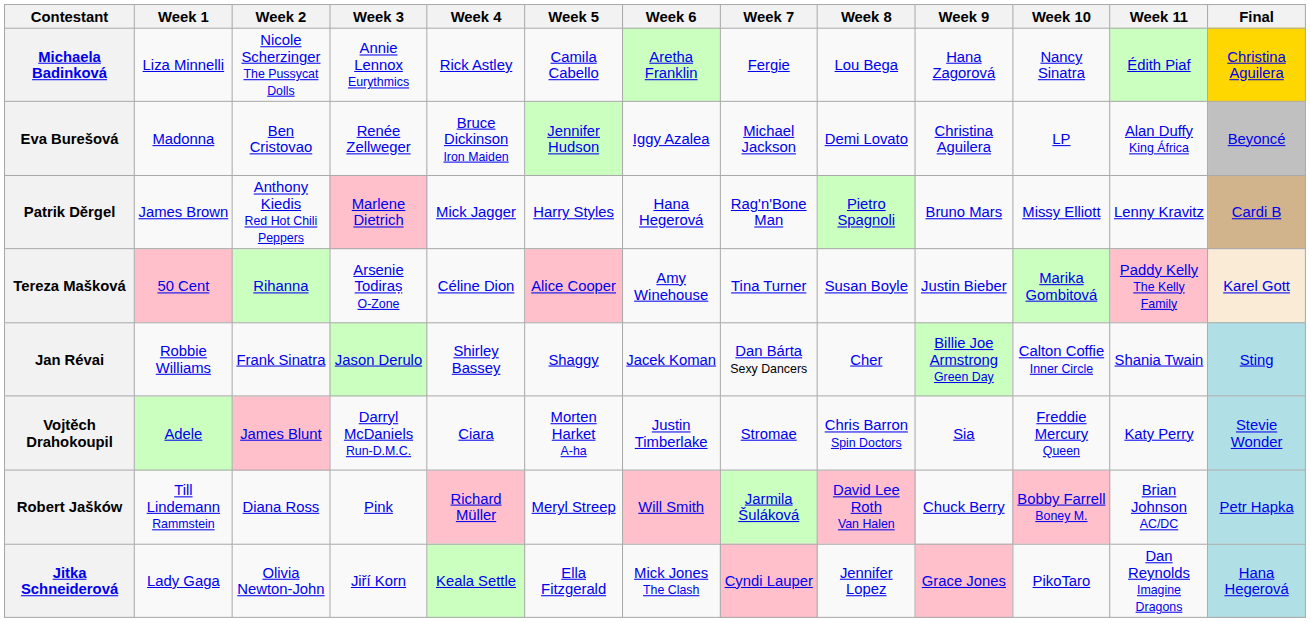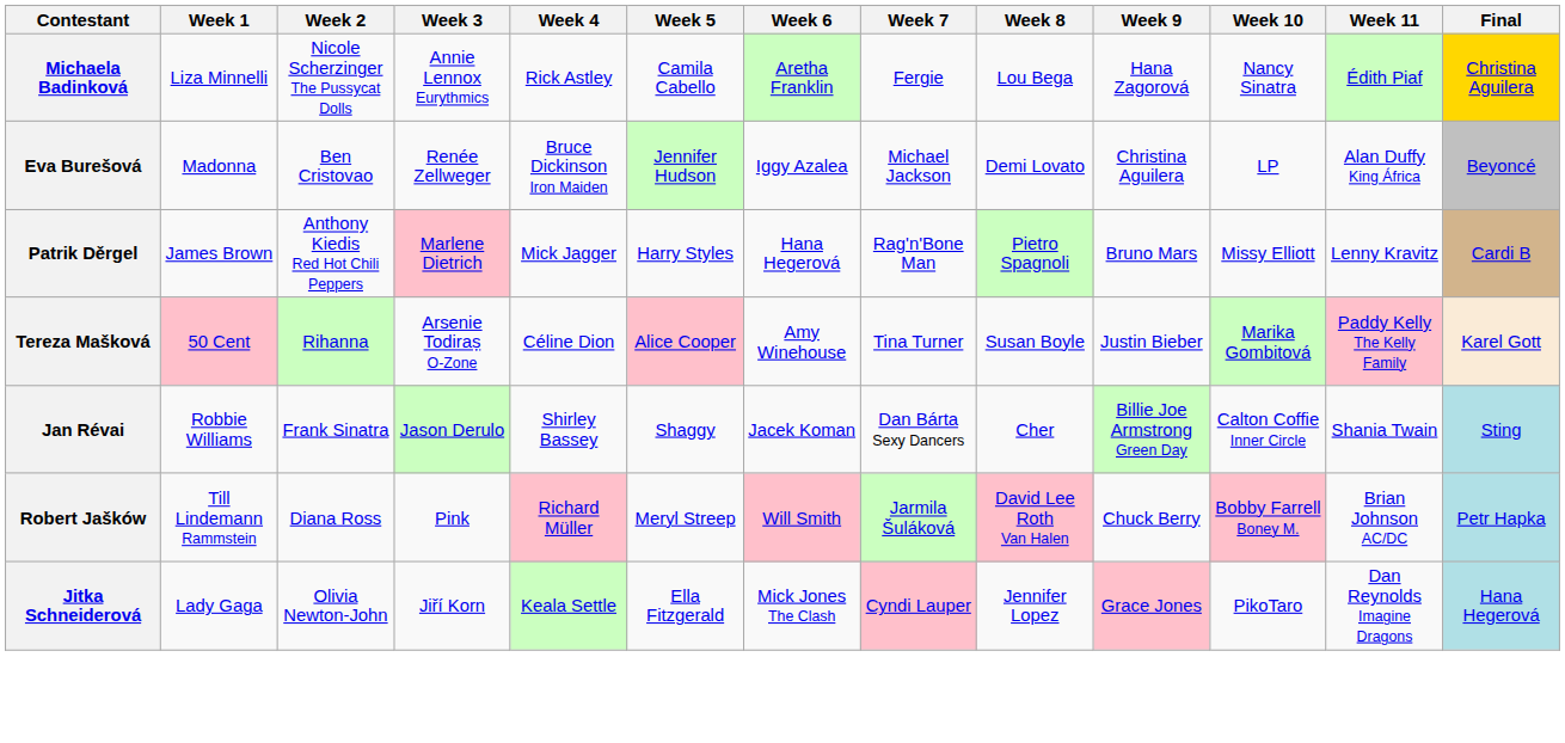 <table class="wikitable" style="font-size:90%; text-align:center; margin-left: auto; margin-right: auto">
 <tr>
 <th style="width: 10%;">Contestant</th>
 <th style="width: 7.5%;">Week 1</th>
 <th style="width: 7.5%;">Week 2</th>
 <th style="width: 7.5%;">Week 3</th>
 <th style="width: 7.5%;">Week 4</th>
 <th style="width: 7.5%;">Week 5</th>
 <th style="width: 7.5%;">Week 6</th>
 <th style="width: 7.5%;">Week 7</th>
 <th style="width: 7.5%;">Week 8</th>
 <th style="width: 7.5%;">Week 9</th>
 <th style="width: 7.5%;">Week 10</th>
 <th style="width: 7.5%;">Week 11</th>
 <th style="width: 7.5%;">Final</th>
 </tr>
 <tr>
 <th style=height:4.5em><a href='#'>Michaela Badinková</a></th>
 <td><a href='#'>Liza Minnelli</a></td>
 <td><a href='#'>Nicole Scherzinger</a> <br><small><a href='#'>The Pussycat Dolls</a></small></td>
 <td><a href='#'>Annie Lennox</a> <br><small><a href='#'>Eurythmics</a></small></td>
 <td><a href='#'>Rick Astley</a></td>
 <td><a href='#'>Camila Cabello</a></td>
 <td style="background:#cbffc0"><a href='#'>Aretha Franklin</a></td>
 <td><a href='#'>Fergie</a></td>
 <td><a href='#'>Lou Bega</a></td>
 <td><a href='#'>Hana Zagorová</a></td>
 <td><a href='#'>Nancy Sinatra</a></td>
 <td style="background:#cbffc0"><a href='#'>Édith Piaf</a></td>
 <td style="background:gold;"><a href='#'>Christina Aguilera</a></td>
 </tr>
 <tr>
 <th style=height:4.5em>Eva Burešová</th>
 <td><a href='#'>Madonna</a></td>
 <td><a href='#'>Ben Cristovao</a></td>
 <td><a href='#'>Renée Zellweger</a></td>
 <td><a href='#'>Bruce Dickinson</a><br><small><a href='#'>Iron Maiden</a></small></td>
 <td style="background:#cbffc0"><a href='#'>Jennifer Hudson</a></td>
 <td><a href='#'>Iggy Azalea</a></td>
 <td><a href='#'>Michael Jackson</a></td>
 <td><a href='#'>Demi Lovato</a></td>
 <td><a href='#'>Christina Aguilera</a></td>
 <td><a href='#'>LP</a></td>
 <td><a href='#'>Alan Duffy</a> <br><small><a href='#'>King África</a></small></td>
 <td style="background:silver"><a href='#'>Beyoncé</a></td>
 </tr>
 <tr>
 <th style=height:4.5em>Patrik Děrgel</th>
 <td><a href='#'>James Brown</a></td>
 <td><a href='#'>Anthony Kiedis</a> <br><small><a href='#'>Red Hot Chili Peppers</a></small></td>
 <td style="background:pink"><a href='#'>Marlene Dietrich</a></td>
 <td><a href='#'>Mick Jagger</a></td>
 <td><a href='#'>Harry Styles</a></td>
 <td><a href='#'>Hana Hegerová</a></td>
 <td><a href='#'>Rag'n'Bone Man</a></td>
 <td style="background:#cbffc0"><a href='#'>Pietro Spagnoli</a></td>
 <td><a href='#'>Bruno Mars</a></td>
 <td><a href='#'>Missy Elliott</a></td>
 <td><a href='#'>Lenny Kravitz</a></td>
 <td style="background:tan"><a href='#'>Cardi B</a></td>
 </tr>
 <tr>
 <th style=height:4.5em>Tereza Mašková</th>
 <td style="background:pink"><a href='#'>50 Cent</a></td>
 <td style="background:#cbffc0"><a href='#'>Rihanna</a></td>
 <td><a href='#'>Arsenie Todiraș</a><br><small><a href='#'>O-Zone</a></small></td>
 <td><a href='#'>Céline Dion</a></td>
 <td style="background:pink"><a href='#'>Alice Cooper</a></td>
 <td><a href='#'>Amy Winehouse</a></td>
 <td><a href='#'>Tina Turner</a></td>
 <td><a href='#'>Susan Boyle</a></td>
 <td><a href='#'>Justin Bieber</a></td>
 <td style="background:#cbffc0"><a href='#'>Marika Gombitová</a></td>
 <td style="background:pink"><a href='#'>Paddy Kelly</a> <br><small><a href='#'>The Kelly Family</a></small></td>
 <td style="background:antiquewhite"><a href='#'>Karel Gott</a></td>
 </tr>
 <tr>
 <th style=height:4.5em>Jan Révai</th>
 <td><a href='#'>Robbie Williams</a></td>
 <td><a href='#'>Frank Sinatra</a></td>
 <td style="background:#cbffc0"><a href='#'>Jason Derulo</a></td>
 <td><a href='#'>Shirley Bassey</a></td>
 <td><a href='#'>Shaggy</a></td>
 <td><a href='#'>Jacek Koman</a></td>
 <td><a href='#'>Dan Bárta</a> <br><small>Sexy Dancers</small></td>
 <td><a href='#'>Cher</a></td>
 <td style="background:#cbffc0"><a href='#'>Billie Joe Armstrong</a> <br><small><a href='#'>Green Day</a></small></td>
 <td><a href='#'>Calton Coffie</a> <br><small><a href='#'>Inner Circle</a></small></td>
 <td><a href='#'>Shania Twain</a></td>
 <td style="background:#b0e0e6"><a href='#'>Sting</a></td>
 </tr>
 <tr>
-<th style=height:4.5em>Vojtěch Drahokoupil</th>
-<td style="background:#cbffc0"><a href='#'>Adele</a></td>
-<td style="background:pink"><a href='#'>James Blunt</a></td>
-<td><a href='#'>Darryl McDaniels</a> <br><small><a href='#'>Run-D.M.C.</a></small></td>
-<td><a href='#'>Ciara</a></td>
-<td><a href='#'>Morten Harket</a> <br><small><a href='#'>A-ha</a></small></td>
-<td><a href='#'>Justin Timberlake</a></td>
-<td><a href='#'>Stromae</a></td>
-<td><a href='#'>Chris Barron</a><br><small><a href='#'>Spin Doctors</a></small></td>
-<td><a href='#'>Sia</a></td>
-<td><a href='#'>Freddie Mercury</a> <br><small><a href='#'>Queen</a></small></td>
-<td><a href='#'>Katy Perry</a></td>
-<td style="background:#b0e0e6"><a href='#'>Stevie Wonder</a></td>
-</tr>
-<tr>
 <th style=height:4.5em>Robert Jašków</th>
 <td><a href='#'>Till Lindemann</a> <br><small><a href='#'>Rammstein</a></small></td>
 <td><a href='#'>Diana Ross</a></td>
 <td><a href='#'>Pink</a></td>
 <td style="background:pink"><a href='#'>Richard Müller</a></td>
 <td><a href='#'>Meryl Streep</a></td>
 <td style="background:pink"><a href='#'>Will Smith</a></td>
 <td style="background:#cbffc0"><a href='#'>Jarmila Šuláková</a></td>
 <td style="background:pink"><a href='#'>David Lee Roth</a><br><small><a href='#'>Van Halen</a></small></td>
 <td><a href='#'>Chuck Berry</a></td>
 <td style="background:pink"><a href='#'>Bobby Farrell</a> <br><small><a href='#'>Boney M.</a></small></td>
 <td><a href='#'>Brian Johnson</a> <br><small><a href='#'>AC/DC</a></small></td>
 <td style="background:#b0e0e6"><a href='#'>Petr Hapka</a></td>
 </tr>
 <tr>
 <th style=height:4.5em><a href='#'>Jitka Schneiderová</a></th>
 <td><a href='#'>Lady Gaga</a></td>
 <td><a href='#'>Olivia Newton-John</a></td>
 <td><a href='#'>Jiří Korn</a></td>
 <td style="background:#cbffc0"><a href='#'>Keala Settle</a></td>
 <td><a href='#'>Ella Fitzgerald</a></td>
 <td><a href='#'>Mick Jones</a> <br><small><a href='#'>The Clash</a></small></td>
 <td style="background:pink"><a href='#'>Cyndi Lauper</a></td>
 <td><a href='#'>Jennifer Lopez</a></td>
 <td style="background:pink"><a href='#'>Grace Jones</a></td>
 <td><a href='#'>PikoTaro</a></td>
 <td><a href='#'>Dan Reynolds</a> <br><small><a href='#'>Imagine Dragons</a></small></td>
 <td style="background:#b0e0e6"><a href='#'>Hana Hegerová</a></td>
 </tr>
 </table>
